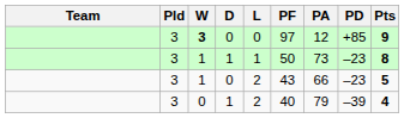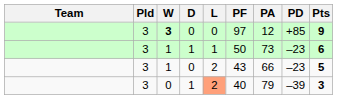 <table class="wikitable" style="text-align:center;">
 <tr>
 <th width=175>Team</th>
 <th width=25 abbr="Played">Pld</th>
 <th width=25 abbr="Won">W</th>
 <th width=25 abbr="Drawn">D</th>
 <th width=25 abbr="Lost">L</th>
 <th width=32 abbr="Points for">PF</th>
 <th width=32 abbr="Points against">PA</th>
 <th width=32 abbr="Points difference">PD</th>
 <th width=25 abbr="Points">Pts</th>
 </tr>
 <tr bgcolor=ccffcc>
 <td align=left></td>
 <td>3</td>
 <td><strong>3</strong></td>
 <td>0</td>
 <td>0</td>
 <td>97</td>
 <td>12</td>
 <td>+85</td>
 <td><strong>9</strong></td>
 </tr>
 <tr bgcolor=ccffcc>
 <td align=left></td>
 <td>3</td>
 <td>1</td>
 <td>1</td>
 <td>1</td>
 <td>50</td>
 <td>73</td>
 <td>–23</td>
-<td><strong>8</strong></td>
+<td><strong>6</strong></td>
 </tr>
 <tr>
 <td align=left></td>
 <td>3</td>
 <td>1</td>
 <td>0</td>
 <td>2</td>
 <td>43</td>
 <td>66</td>
 <td>–23</td>
 <td><strong>5</strong></td>
 </tr>
 <tr>
 <td align=left></td>
 <td>3</td>
 <td>0</td>
 <td>1</td>
-<td>2</td>
+<td style="background: lightsalmon;">2</td>
 <td>40</td>
 <td>79</td>
 <td>–39</td>
-<td><strong>4</strong></td>
+<td><strong>3</strong></td>
 </tr>
 </table>
